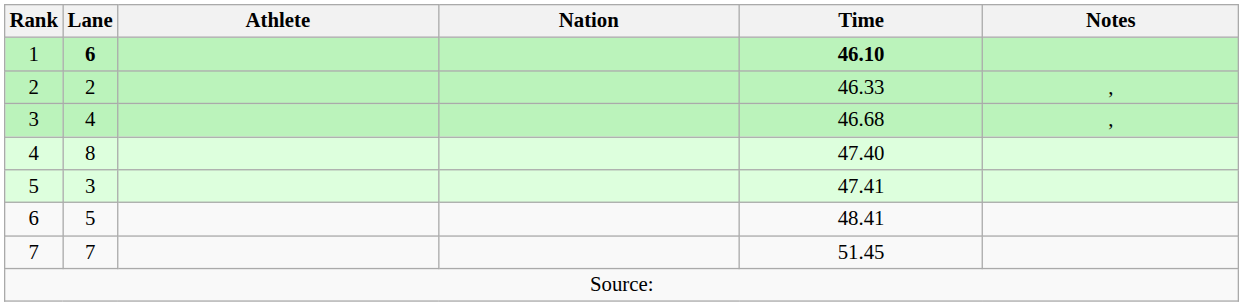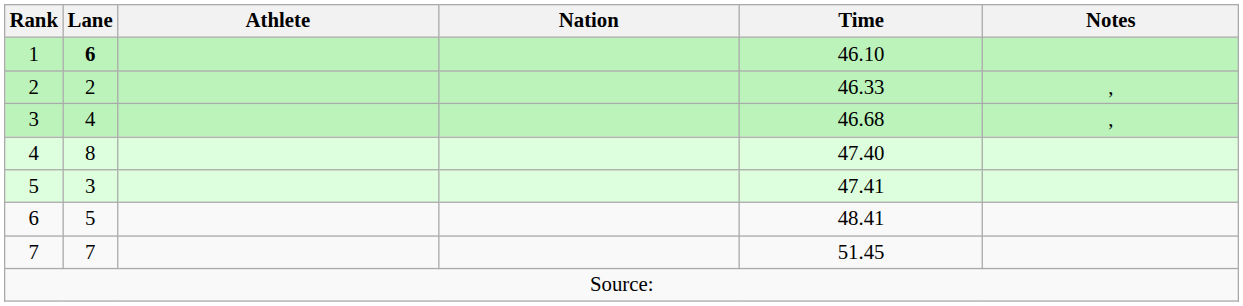 <table class="wikitable sortable" style="text-align:center;width: 60%;">
 <tr>
 <th scope="col" style="width: 10px;">Rank</th>
 <th scope="col" style="width: 10px;">Lane</th>
 <th scope="col">Athlete</th>
 <th scope="col">Nation</th>
 <th scope="col">Time</th>
 <th scope="col">Notes</th>
 </tr>
 <tr bgcolor=bbf3bb>
 <td>1</td>
 <td><strong>6</strong></td>
 <td align=left></td>
 <td align=left></td>
-<td><strong>46.10</strong></td>
+<td>46.10</td>
 <td></td>
 </tr>
 <tr bgcolor=bbf3bb>
 <td>2</td>
 <td>2</td>
 <td align=left></td>
 <td align=left></td>
 <td>46.33</td>
 <td>, </td>
 </tr>
 <tr bgcolor=bbf3bb>
 <td>3</td>
 <td>4</td>
 <td align=left></td>
 <td align=left></td>
 <td>46.68</td>
 <td>, </td>
 </tr>
 <tr bgcolor=ddffdd>
 <td>4</td>
 <td>8</td>
 <td align=left></td>
 <td align=left></td>
 <td>47.40</td>
 <td></td>
 </tr>
 <tr bgcolor=ddffdd>
 <td>5</td>
 <td>3</td>
 <td align=left></td>
 <td align=left></td>
 <td>47.41</td>
 <td></td>
 </tr>
 <tr>
 <td>6</td>
 <td>5</td>
 <td align=left></td>
 <td align=left></td>
 <td>48.41</td>
 <td></td>
 </tr>
 <tr>
 <td>7</td>
 <td>7</td>
 <td align=left></td>
 <td align=left></td>
 <td>51.45</td>
 <td></td>
 </tr>
 <tr class="sortbottom">
 <td colspan="6">Source:</td>
 </tr>
 </table>
